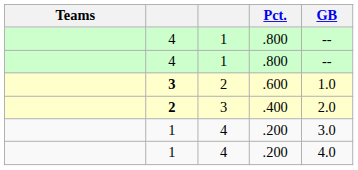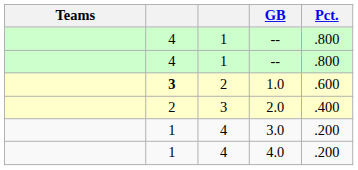 <table class="wikitable" style="text-align:center;">
 <tr>
 <th width="150px">Teams</th>
 <th width="50px"></th>
 <th width="50px"></th>
+<th width="50px"><a href='#'>GB</a></th>
 <th width="50px"><a href='#'>Pct.</a></th>
-<th width="50px"><a href='#'>GB</a></th>
 </tr>
 <tr style="background-color:#ccffcc">
 <td align="left"></td>
 <td>4</td>
 <td>1</td>
+<td>--</td>
 <td>.800</td>
-<td>--</td>
 </tr>
 <tr style="background-color:#ccffcc">
 <td align="left"></td>
 <td>4</td>
 <td>1</td>
+<td>--</td>
 <td>.800</td>
-<td>--</td>
 </tr>
 <tr style="background-color:#ffffcc">
 <td align="left"></td>
 <td><strong>3</strong></td>
 <td>2</td>
+<td>1.0</td>
 <td>.600</td>
-<td>1.0</td>
 </tr>
 <tr style="background-color: #ffffcc ">
 <td align="left"></td>
-<td><strong>2</strong></td>
+<td>2</td>
 <td>3</td>
+<td>2.0</td>
 <td>.400</td>
-<td>2.0</td>
 </tr>
 <tr style="background-color:">
 <td align="left"></td>
 <td>1</td>
 <td>4</td>
+<td>3.0</td>
 <td>.200</td>
-<td>3.0</td>
 </tr>
 <tr style="background-color:">
 <td align="left"></td>
 <td>1</td>
 <td>4</td>
+<td>4.0</td>
 <td>.200</td>
-<td>4.0</td>
 </tr>
 </table>
